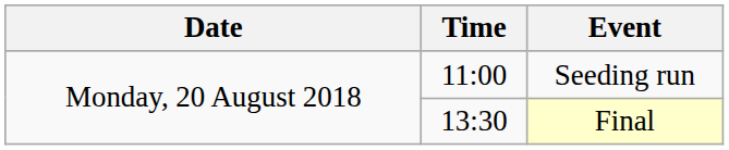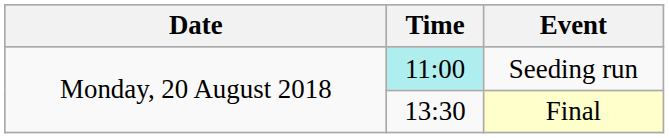 <table class = "wikitable" style="text-align:center;">
 <tr>
 <th width=220>Date</th>
 <th width=50>Time</th>
 <th width=100>Event</th>
 </tr>
 <tr>
 <td rowspan=2>Monday, 20 August 2018</td>
-<td>11:00</td>
+<td style="background: paleturquoise;">11:00</td>
 <td>Seeding run</td>
 </tr>
 <tr>
 <td>13:30</td>
 <td bgcolor=ffffcc>Final</td>
 </tr>
 </table>
